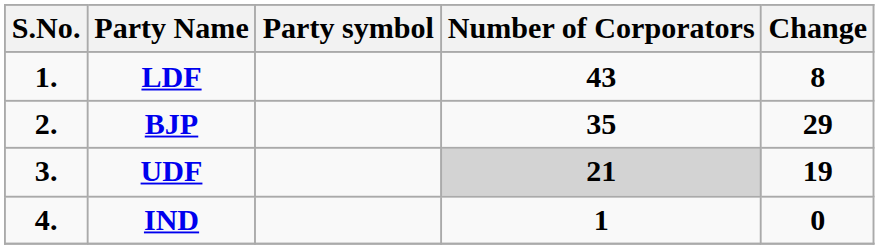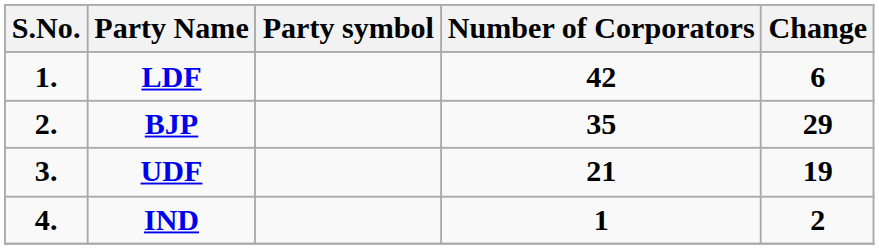 <table class="sortable wikitable">
 <tr>
 <th>S.No.</th>
 <th>Party Name</th>
 <th>Party symbol</th>
 <th>Number of Corporators</th>
 <th>Change</th>
 </tr>
 <tr>
 <td ! style="text-align:center; background:"><strong>1.</strong></td>
 <td align="center"><a href='#'><strong>LDF</strong></a></td>
 <td></td>
-<td align="center"><strong>43</strong></td>
-<td align="center"> <strong>8</strong></td>
+<td align="center"><strong>42</strong></td>
+<td align="center"> <strong>6</strong></td>
 </tr>
 <tr>
 <td ! style="text-align:center; background:"><strong>2.</strong></td>
 <td align="center"><a href='#'><strong>BJP</strong></a></td>
 <td></td>
 <td align="center"><strong>35</strong></td>
 <td align="center"> <strong>29</strong></td>
 </tr>
 <tr>
 <td ! style="text-align:center; background:"><strong>3.</strong></td>
 <td align="center"><a href='#'><strong>UDF</strong></a></td>
 <td></td>
-<td align="center" style="background: lightgrey;"><strong>21</strong></td>
+<td align="center"><strong>21</strong></td>
 <td align="center"> <strong>19</strong></td>
 </tr>
 <tr>
 <td ! style="text-align:center; background:"><strong>4.</strong></td>
 <td align="center"><a href='#'><strong>IND</strong></a></td>
 <td></td>
 <td align="center"><strong>1</strong></td>
-<td align="center"> <strong>0</strong></td>
+<td align="center"> <strong>2</strong></td>
 </tr>
 <tr>
 </tr>
 </table>
